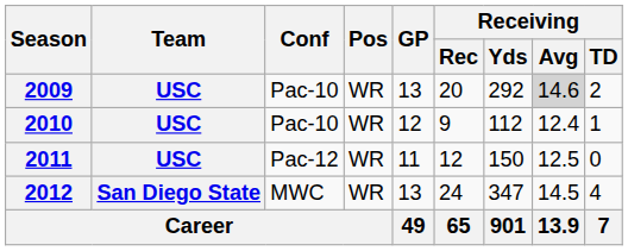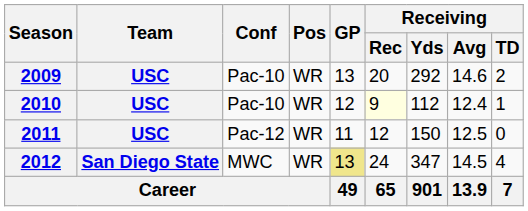 <table class="wikitable">
 <tr>
 <th rowspan="2">Season</th>
 <th rowspan="2">Team</th>
 <th rowspan="2">Conf</th>
 <th rowspan="2">Pos</th>
 <th rowspan="2">GP</th>
 <th colspan="4">Receiving</th>
 </tr>
 <tr>
 <th>Rec</th>
 <th>Yds</th>
 <th>Avg</th>
 <th>TD</th>
 </tr>
 <tr>
 <th><a href='#'>2009</a></th>
 <th><a href='#'>USC</a></th>
 <td>Pac-10</td>
 <td>WR</td>
 <td>13</td>
 <td>20</td>
 <td>292</td>
-<td style="background: lightgrey;">14.6</td>
+<td>14.6</td>
 <td>2</td>
 </tr>
 <tr>
 <th><a href='#'>2010</a></th>
 <th><a href='#'>USC</a></th>
 <td>Pac-10</td>
 <td>WR</td>
 <td>12</td>
-<td>9</td>
+<td style="background: lightyellow;">9</td>
 <td>112</td>
 <td>12.4</td>
 <td>1</td>
 </tr>
 <tr>
 <th><a href='#'>2011</a></th>
 <th><a href='#'>USC</a></th>
 <td>Pac-12</td>
 <td>WR</td>
 <td>11</td>
 <td>12</td>
 <td>150</td>
 <td>12.5</td>
 <td>0</td>
 </tr>
 <tr>
 <th><a href='#'>2012</a></th>
 <th><a href='#'>San Diego State</a></th>
 <td>MWC</td>
 <td>WR</td>
-<td>13</td>
+<td style="background: khaki;">13</td>
 <td>24</td>
 <td>347</td>
 <td>14.5</td>
 <td>4</td>
 </tr>
 <tr>
 <th colspan="4">Career</th>
 <th>49</th>
 <th>65</th>
 <th>901</th>
 <th>13.9</th>
 <th>7</th>
 </tr>
 </table>
